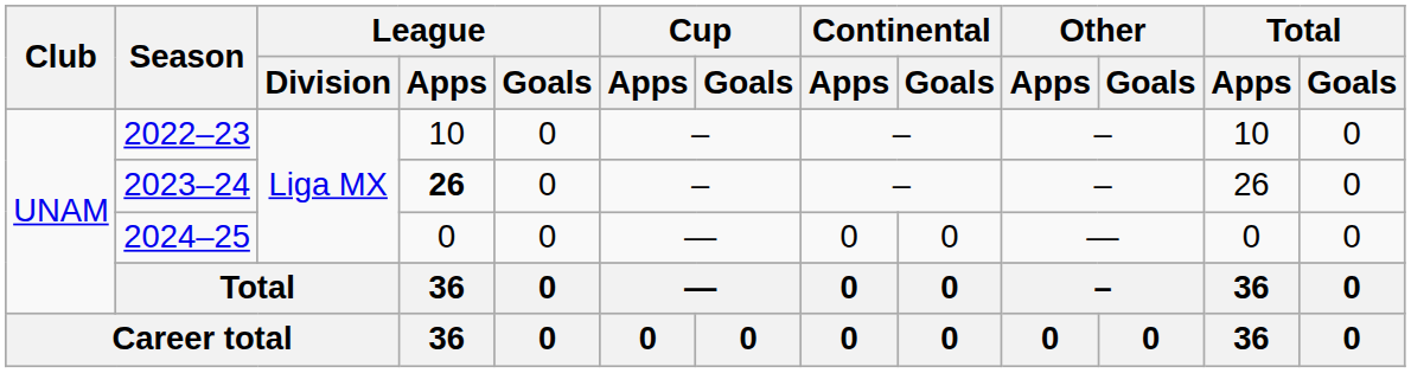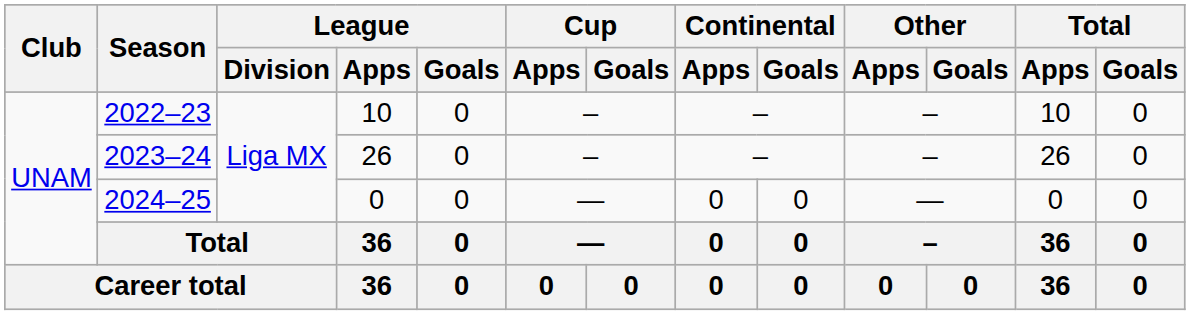 <table class="wikitable" style="text-align: center">
 <tr>
 <th rowspan="2">Club</th>
 <th rowspan="2">Season</th>
 <th colspan="3">League</th>
 <th colspan="2">Cup</th>
 <th colspan="2">Continental</th>
 <th colspan="2">Other</th>
 <th colspan="2">Total</th>
 </tr>
 <tr>
 <th>Division</th>
 <th>Apps</th>
 <th>Goals</th>
 <th>Apps</th>
 <th>Goals</th>
 <th>Apps</th>
 <th>Goals</th>
 <th>Apps</th>
 <th>Goals</th>
 <th>Apps</th>
 <th>Goals</th>
 </tr>
 <tr>
 <td rowspan="4"><a href='#'>UNAM</a></td>
 <td><a href='#'>2022–23</a></td>
 <td rowspan="3"><a href='#'>Liga MX</a></td>
 <td>10</td>
 <td>0</td>
 <td colspan="2">–</td>
 <td colspan="2">–</td>
 <td colspan="2">–</td>
 <td>10</td>
 <td>0</td>
 </tr>
 <tr>
 <td><a href='#'>2023–24</a></td>
-<td><strong>26</strong></td>
+<td>26</td>
 <td>0</td>
 <td colspan="2">–</td>
 <td colspan="2">–</td>
 <td colspan="2">–</td>
 <td>26</td>
 <td>0</td>
 </tr>
 <tr>
 <td><a href='#'>2024–25</a></td>
 <td>0</td>
 <td>0</td>
 <td colspan="2">—</td>
 <td>0</td>
 <td>0</td>
 <td colspan="2">—</td>
 <td>0</td>
 <td>0</td>
 </tr>
 <tr>
 <th colspan="2">Total</th>
 <th>36</th>
 <th>0</th>
 <th colspan="2">—</th>
 <th>0</th>
 <th>0</th>
 <th colspan="2">–</th>
 <th>36</th>
 <th>0</th>
 </tr>
 <tr>
 <th colspan="3"><strong>Career total</strong></th>
 <th>36</th>
 <th>0</th>
 <th>0</th>
 <th>0</th>
 <th>0</th>
 <th>0</th>
 <th>0</th>
 <th>0</th>
 <th>36</th>
 <th>0</th>
 </tr>
 </table>
